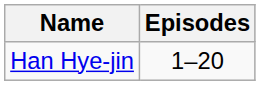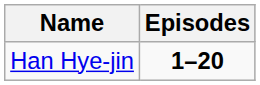 <table class="wikitable" style="text-align:center;">
 <tr>
 <th style=text-align:center>Name</th>
 <th style=text-align:center>Episodes</th>
 </tr>
 <tr>
 <td><a href='#'>Han Hye-jin</a></td>
-<td>1–20</td>
+<td><strong>1–20</strong></td>
 </tr>
 </table>
